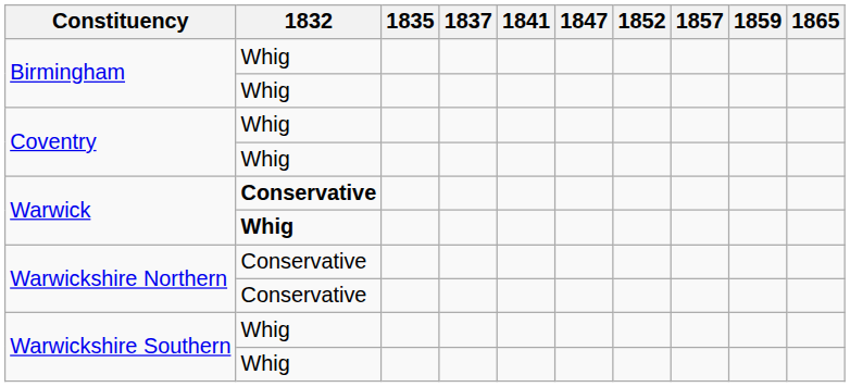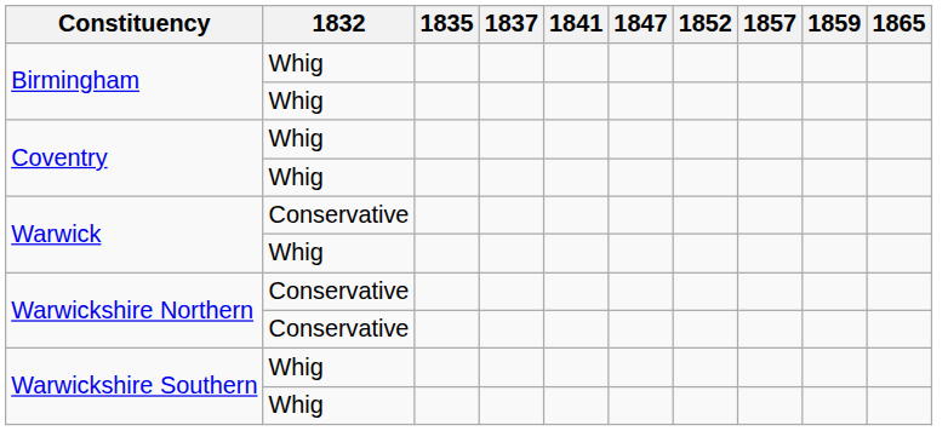 <table class=wikitable sortable>
 <tr>
 <th>Constituency</th>
 <th>1832</th>
 <th>1835</th>
 <th>1837</th>
 <th>1841</th>
 <th>1847</th>
 <th>1852</th>
 <th>1857</th>
 <th>1859</th>
 <th>1865</th>
 </tr>
 <tr>
 <td rowspan="2"><a href='#'>Birmingham</a></td>
 <td bgcolor=>Whig</td>
 <td></td>
 <td></td>
 <td></td>
 <td></td>
 <td></td>
 <td></td>
 <td></td>
 <td></td>
 </tr>
 <tr>
 <td bgcolor=>Whig</td>
 <td></td>
 <td></td>
 <td></td>
 <td></td>
 <td></td>
 <td></td>
 <td></td>
 <td></td>
 </tr>
 <tr>
 <td rowspan="2"><a href='#'>Coventry</a></td>
 <td>Whig</td>
 <td></td>
 <td></td>
 <td></td>
 <td></td>
 <td></td>
 <td></td>
 <td></td>
 <td></td>
 </tr>
 <tr>
 <td>Whig</td>
 <td></td>
 <td></td>
 <td></td>
 <td></td>
 <td></td>
 <td></td>
 <td></td>
 <td></td>
 </tr>
 <tr>
 <td rowspan="2"><a href='#'>Warwick</a></td>
-<td><strong>Conservative</strong></td>
+<td>Conservative</td>
 <td></td>
 <td></td>
 <td></td>
 <td></td>
 <td></td>
 <td></td>
 <td></td>
 <td></td>
 </tr>
 <tr>
-<td><strong>Whig</strong></td>
+<td>Whig</td>
 <td></td>
 <td></td>
 <td></td>
 <td></td>
 <td></td>
 <td></td>
 <td></td>
 <td></td>
 </tr>
 <tr>
 <td rowspan="2"><a href='#'>Warwickshire Northern</a></td>
 <td>Conservative</td>
 <td></td>
 <td></td>
 <td></td>
 <td></td>
 <td></td>
 <td></td>
 <td></td>
 <td></td>
 </tr>
 <tr>
 <td>Conservative</td>
 <td></td>
 <td></td>
 <td></td>
 <td></td>
 <td></td>
 <td></td>
 <td></td>
 <td></td>
 </tr>
 <tr>
 <td rowspan="2"><a href='#'>Warwickshire Southern</a></td>
 <td>Whig</td>
 <td></td>
 <td></td>
 <td></td>
 <td></td>
 <td></td>
 <td></td>
 <td></td>
 <td></td>
 </tr>
 <tr>
 <td>Whig</td>
 <td></td>
 <td></td>
 <td></td>
 <td></td>
 <td></td>
 <td></td>
 <td></td>
 <td></td>
 </tr>
 </table>
